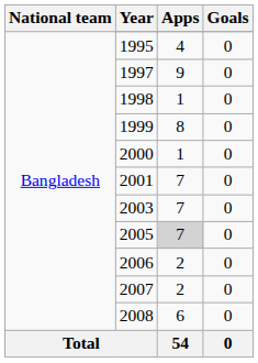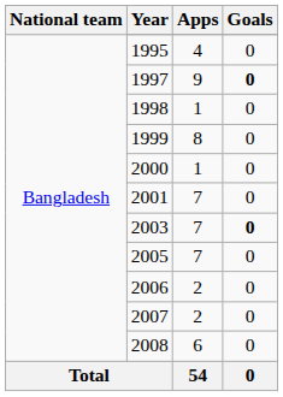 <table class="wikitable" style="text-align:center">
 <tr>
 <th>National team</th>
 <th>Year</th>
 <th>Apps</th>
 <th>Goals</th>
 </tr>
 <tr>
 <td rowspan="12"><a href='#'>Bangladesh</a></td>
 </tr>
 <tr>
 <td>1995</td>
 <td>4</td>
 <td>0</td>
 </tr>
 <tr>
 <td>1997</td>
 <td>9</td>
-<td>0</td>
+<td><strong>0</strong></td>
 </tr>
 <tr>
 <td>1998</td>
 <td>1</td>
 <td>0</td>
 </tr>
 <tr>
 <td>1999</td>
 <td>8</td>
 <td>0</td>
 </tr>
 <tr>
 <td>2000</td>
 <td>1</td>
 <td>0</td>
 </tr>
 <tr>
 <td>2001</td>
 <td>7</td>
 <td>0</td>
 </tr>
 <tr>
 <td>2003</td>
 <td>7</td>
-<td>0</td>
+<td><strong>0</strong></td>
 </tr>
 <tr>
 <td>2005</td>
-<td style="background: lightgrey;">7</td>
+<td>7</td>
 <td>0</td>
 </tr>
 <tr>
 <td>2006</td>
 <td>2</td>
 <td>0</td>
 </tr>
 <tr>
 <td>2007</td>
 <td>2</td>
 <td>0</td>
 </tr>
 <tr>
 <td>2008</td>
 <td>6</td>
 <td>0</td>
 </tr>
 <tr>
 <th colspan="2">Total</th>
 <th>54</th>
 <th>0</th>
 </tr>
 </table>
